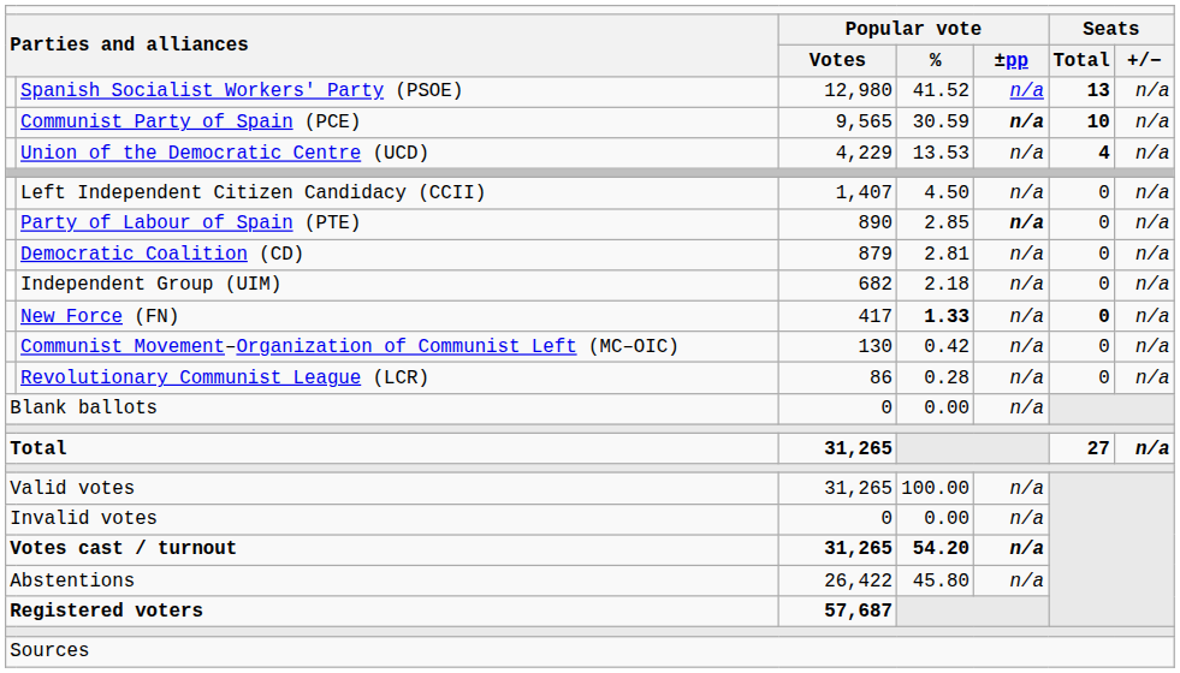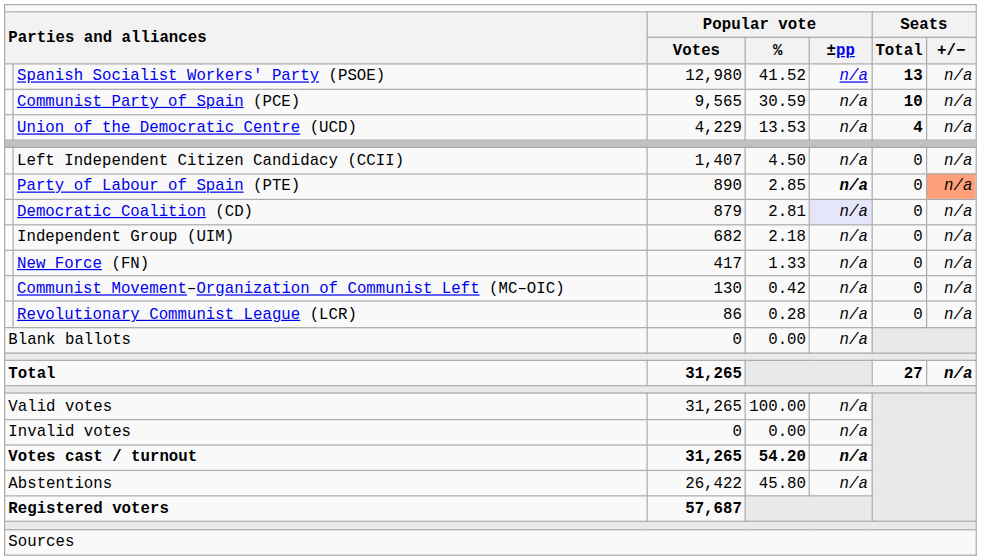 <table class="wikitable" style="text-align:right;">
 <tr>
 <td colspan="7"></td>
 </tr>
 <tr>
 <th style="text-align:left;" rowspan="2" colspan="2" width="525">Parties and alliances</th>
 <th colspan="3">Popular vote</th>
 <th colspan="2">Seats</th>
 </tr>
 <tr>
 <th width="75">Votes</th>
 <th width="45">%</th>
 <th width="45">±<a href='#'>pp</a></th>
 <th width="35">Total</th>
 <th width="35">+/−</th>
 </tr>
 <tr>
 <td width="1" style="color:inherit;background:"></td>
 <td align="left"><a href='#'>Spanish Socialist Workers' Party</a> (PSOE)</td>
 <td>12,980</td>
 <td>41.52</td>
 <td><em><a href='#'>n/a</a></em></td>
 <td><strong>13</strong></td>
 <td><em>n/a</em></td>
 </tr>
 <tr>
 <td style="color:inherit;background:"></td>
 <td align="left"><a href='#'>Communist Party of Spain</a> (PCE)</td>
 <td>9,565</td>
 <td>30.59</td>
-<td><strong><em>n/a</em></strong></td>
+<td><em>n/a</em></td>
 <td><strong>10</strong></td>
 <td><em>n/a</em></td>
 </tr>
 <tr>
 <td style="color:inherit;background:"></td>
 <td align="left"><a href='#'>Union of the Democratic Centre</a> (UCD)</td>
 <td>4,229</td>
 <td>13.53</td>
 <td><em>n/a</em></td>
 <td><strong>4</strong></td>
 <td><em>n/a</em></td>
 </tr>
 <tr>
 <td colspan="7" bgcolor="#C0C0C0"></td>
 </tr>
 <tr>
 <td style="color:inherit;background:"></td>
 <td align="left">Left Independent Citizen Candidacy (CCII)</td>
 <td>1,407</td>
 <td>4.50</td>
 <td><em>n/a</em></td>
 <td>0</td>
 <td><em>n/a</em></td>
 </tr>
 <tr>
 <td style="color:inherit;background:"></td>
 <td align="left"><a href='#'>Party of Labour of Spain</a> (PTE)</td>
 <td>890</td>
 <td>2.85</td>
 <td><strong><em>n/a</em></strong></td>
 <td>0</td>
-<td><em>n/a</em></td>
+<td style="background: lightsalmon;"><em>n/a</em></td>
 </tr>
 <tr>
 <td style="color:inherit;background:"></td>
 <td align="left"><a href='#'>Democratic Coalition</a> (CD)</td>
 <td>879</td>
 <td>2.81</td>
-<td><em>n/a</em></td>
+<td style="background: lavender;"><em>n/a</em></td>
 <td>0</td>
 <td><em>n/a</em></td>
 </tr>
 <tr>
 <td bgcolor="white"></td>
 <td align="left">Independent Group (UIM)</td>
 <td>682</td>
 <td>2.18</td>
 <td><em>n/a</em></td>
 <td>0</td>
 <td><em>n/a</em></td>
 </tr>
 <tr>
 <td style="color:inherit;background:"></td>
 <td align="left"><a href='#'>New Force</a> (FN)</td>
 <td>417</td>
-<td><strong>1.33</strong></td>
+<td>1.33</td>
 <td><em>n/a</em></td>
-<td><strong>0</strong></td>
+<td>0</td>
 <td><em>n/a</em></td>
 </tr>
 <tr>
 <td style="color:inherit;background:"></td>
 <td align="left"><a href='#'>Communist Movement</a>–<a href='#'>Organization of Communist Left</a> (MC–OIC)</td>
 <td>130</td>
 <td>0.42</td>
 <td><em>n/a</em></td>
 <td>0</td>
 <td><em>n/a</em></td>
 </tr>
 <tr>
 <td style="color:inherit;background:"></td>
 <td align="left"><a href='#'>Revolutionary Communist League</a> (LCR)</td>
 <td>86</td>
 <td>0.28</td>
 <td><em>n/a</em></td>
 <td>0</td>
 <td><em>n/a</em></td>
 </tr>
 <tr>
 <td align="left" colspan="2">Blank ballots</td>
 <td>0</td>
 <td>0.00</td>
 <td><em>n/a</em></td>
 <td bgcolor="#E9E9E9" colspan="2"></td>
 </tr>
 <tr>
 <td colspan="7" bgcolor="#E9E9E9"></td>
 </tr>
 <tr style="font-weight:bold;">
 <td align="left" colspan="2">Total</td>
 <td>31,265</td>
 <td bgcolor="#E9E9E9" colspan="2"></td>
 <td>27</td>
 <td><em>n/a</em></td>
 </tr>
 <tr>
 <td colspan="7" bgcolor="#E9E9E9"></td>
 </tr>
 <tr>
 <td align="left" colspan="2">Valid votes</td>
 <td>31,265</td>
 <td>100.00</td>
 <td><em>n/a</em></td>
 <td bgcolor="#E9E9E9" colspan="2" rowspan="5"></td>
 </tr>
 <tr>
 <td align="left" colspan="2">Invalid votes</td>
 <td>0</td>
 <td>0.00</td>
 <td><em>n/a</em></td>
 </tr>
 <tr style="font-weight:bold;">
 <td align="left" colspan="2">Votes cast / turnout</td>
 <td>31,265</td>
 <td>54.20</td>
 <td><em>n/a</em></td>
 </tr>
 <tr>
 <td align="left" colspan="2">Abstentions</td>
 <td>26,422</td>
 <td>45.80</td>
 <td><em>n/a</em></td>
 </tr>
 <tr style="font-weight:bold;">
 <td align="left" colspan="2">Registered voters</td>
 <td>57,687</td>
 <td bgcolor="#E9E9E9" colspan="2"></td>
 </tr>
 <tr>
 <td colspan="7" bgcolor="#E9E9E9"></td>
 </tr>
 <tr>
 <td align="left" colspan="7">Sources</td>
 </tr>
 </table>
